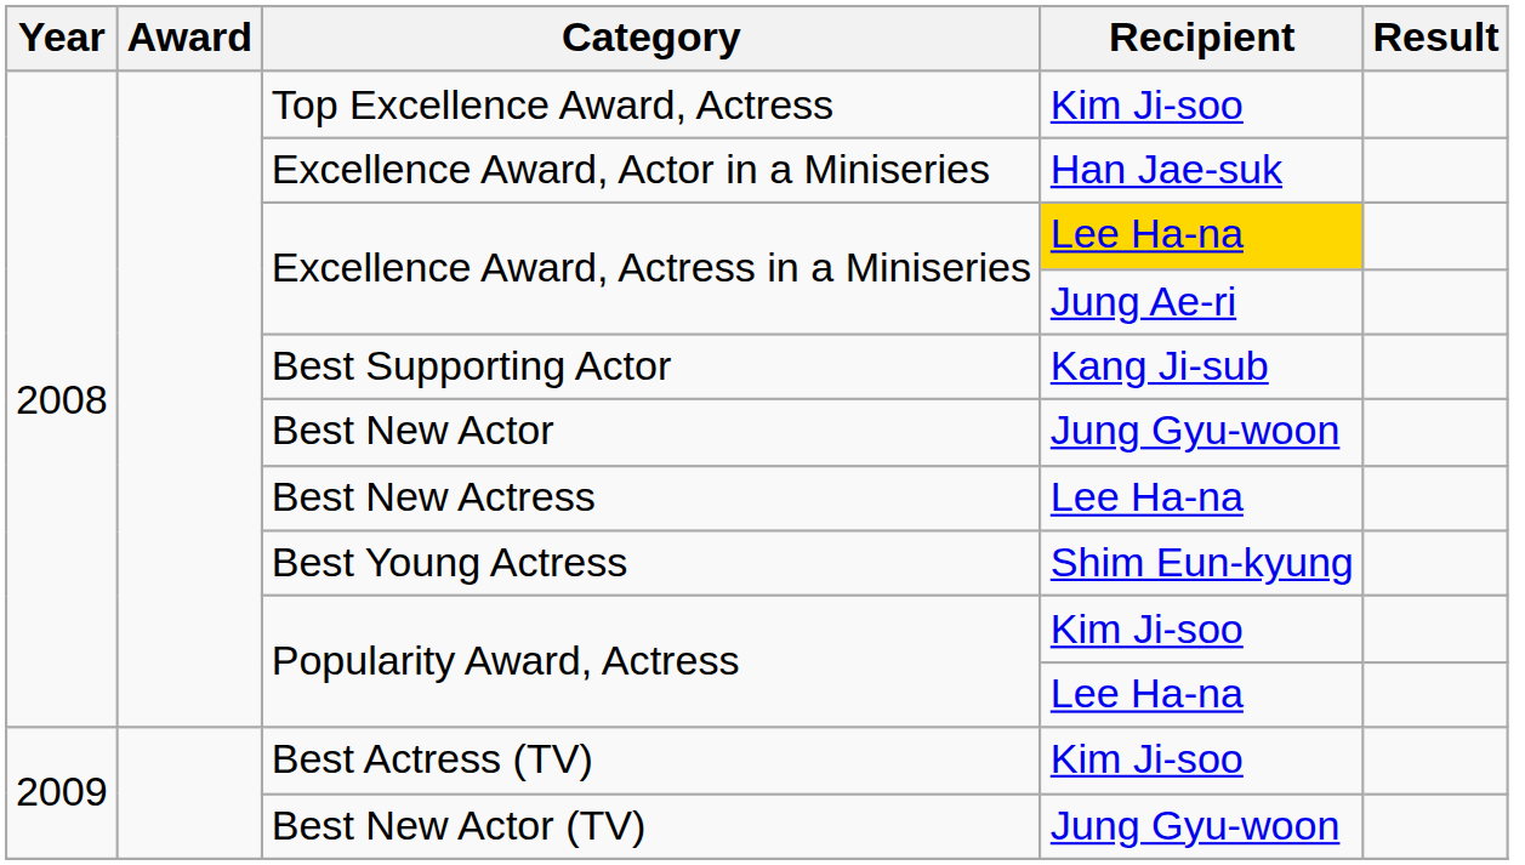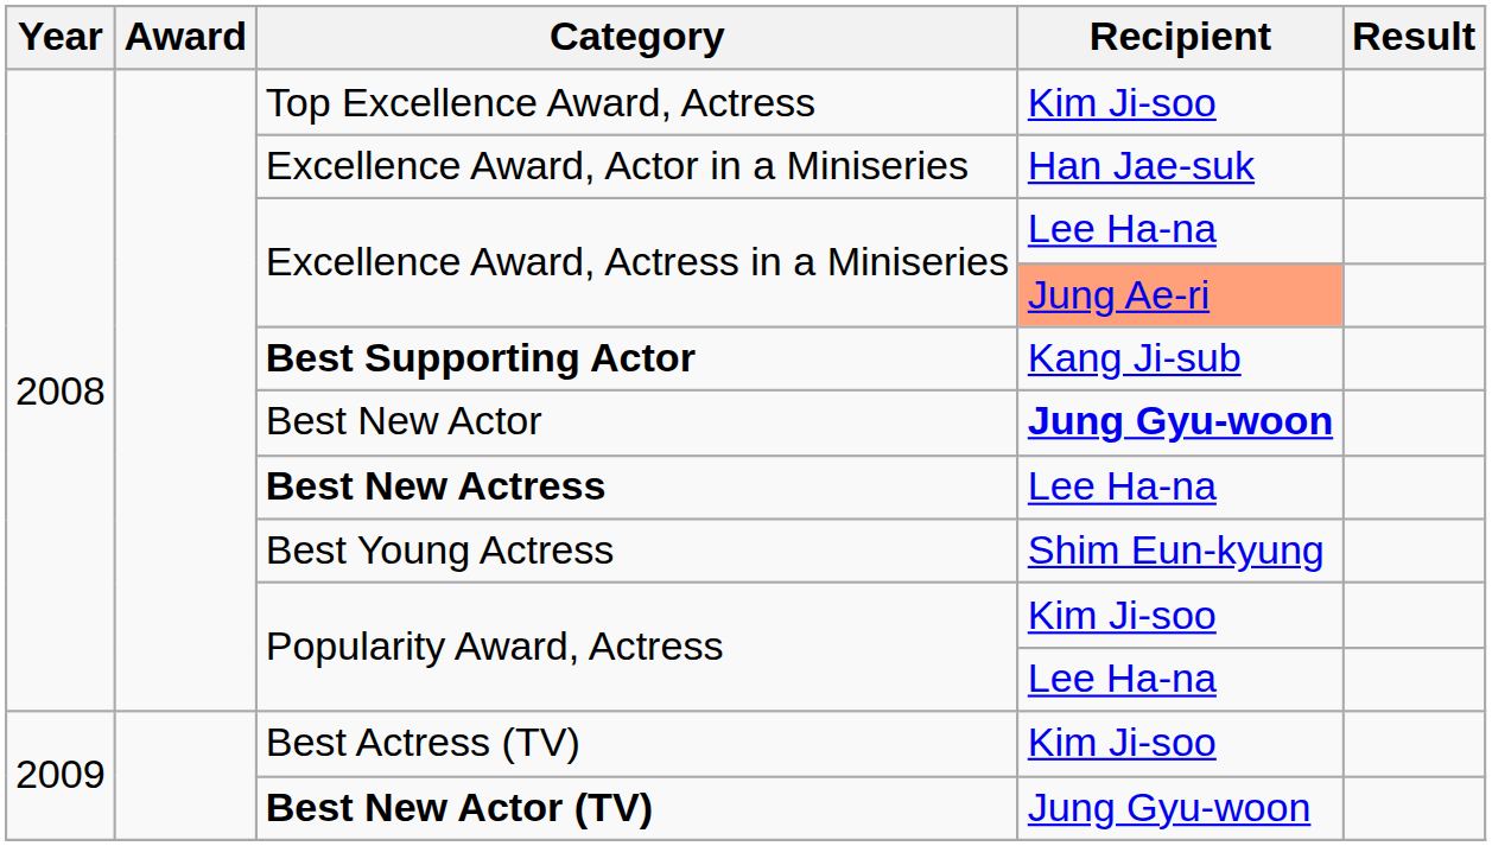 <table class="wikitable">
 <tr>
 <th>Year</th>
 <th>Award</th>
 <th>Category</th>
 <th>Recipient</th>
 <th>Result</th>
 </tr>
 <tr>
 <td rowspan=10>2008</td>
 <td rowspan=10></td>
 <td>Top Excellence Award, Actress</td>
 <td><a href='#'>Kim Ji-soo</a></td>
 <td></td>
 </tr>
 <tr>
 <td>Excellence Award, Actor in a Miniseries</td>
 <td><a href='#'>Han Jae-suk</a></td>
 <td></td>
 </tr>
 <tr>
 <td rowspan=2>Excellence Award, Actress in a Miniseries</td>
-<td style="background: gold;"><a href='#'>Lee Ha-na</a></td>
+<td><a href='#'>Lee Ha-na</a></td>
 <td></td>
 </tr>
 <tr>
-<td><a href='#'>Jung Ae-ri</a></td>
+<td style="background: lightsalmon;"><a href='#'>Jung Ae-ri</a></td>
 <td></td>
 </tr>
 <tr>
-<td>Best Supporting Actor</td>
+<td><strong>Best Supporting Actor</strong></td>
 <td><a href='#'>Kang Ji-sub</a></td>
 <td></td>
 </tr>
 <tr>
 <td>Best New Actor</td>
-<td><a href='#'>Jung Gyu-woon</a></td>
+<td><strong><a href='#'>Jung Gyu-woon</a></strong></td>
 <td></td>
 </tr>
 <tr>
-<td>Best New Actress</td>
+<td><strong>Best New Actress</strong></td>
 <td><a href='#'>Lee Ha-na</a></td>
 <td></td>
 </tr>
 <tr>
 <td>Best Young Actress</td>
 <td><a href='#'>Shim Eun-kyung</a></td>
 <td></td>
 </tr>
 <tr>
 <td rowspan=2>Popularity Award, Actress</td>
 <td><a href='#'>Kim Ji-soo</a></td>
 <td></td>
 </tr>
 <tr>
 <td><a href='#'>Lee Ha-na</a></td>
 <td></td>
 </tr>
 <tr>
 <td rowspan=2>2009</td>
 <td rowspan=2></td>
 <td>Best Actress (TV)</td>
 <td><a href='#'>Kim Ji-soo</a></td>
 <td></td>
 </tr>
 <tr>
-<td>Best New Actor (TV)</td>
+<td><strong>Best New Actor (TV)</strong></td>
 <td><a href='#'>Jung Gyu-woon</a></td>
 <td></td>
 </tr>
 <tr>
 </tr>
 </table>
